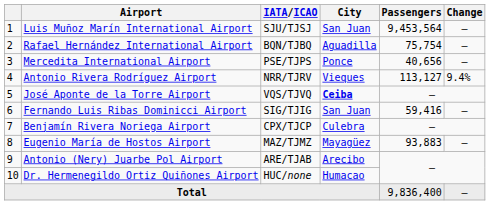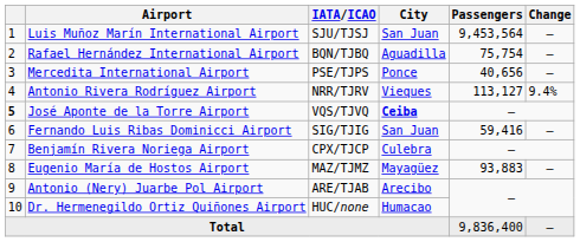 <table class="wikitable sortable">
 <tr>
 <th></th>
 <th>Airport</th>
 <th><a href='#'>IATA</a>/<a href='#'>ICAO</a></th>
 <th>City</th>
 <th>Passengers</th>
 <th>Change</th>
 </tr>
 <tr>
 <td>1</td>
 <td><a href='#'>Luis Muñoz Marín International Airport</a></td>
 <td>SJU/TJSJ</td>
 <td><a href='#'>San Juan</a></td>
 <td align="right">9,453,564</td>
 <td align="center">—</td>
 </tr>
 <tr>
 <td>2</td>
 <td><a href='#'>Rafael Hernández International Airport</a></td>
 <td>BQN/TJBQ</td>
 <td><a href='#'>Aguadilla</a></td>
 <td align="right">75,754</td>
 <td align="center">—</td>
 </tr>
 <tr>
 <td>3</td>
 <td><a href='#'>Mercedita International Airport</a></td>
 <td>PSE/TJPS</td>
 <td><a href='#'>Ponce</a></td>
 <td align="right">40,656</td>
 <td align="center">—</td>
 </tr>
 <tr>
 <td>4</td>
 <td><a href='#'>Antonio Rivera Rodríguez Airport</a></td>
 <td>NRR/TJRV</td>
 <td><a href='#'>Vieques</a></td>
 <td align="right">113,127</td>
 <td> 9.4%</td>
 </tr>
 <tr>
-<td>5</td>
+<td><strong>5</strong></td>
 <td><a href='#'>José Aponte de la Torre Airport</a></td>
 <td>VQS/TJVQ</td>
 <td><strong><a href='#'>Ceiba</a></strong></td>
 <td colspan="2" align="center">—</td>
 </tr>
 <tr>
 <td>6</td>
 <td><a href='#'>Fernando Luis Ribas Dominicci Airport</a></td>
 <td>SIG/TJIG</td>
 <td><a href='#'>San Juan</a></td>
 <td align="right">59,416</td>
 <td align="center">—</td>
 </tr>
 <tr>
 <td>7</td>
 <td><a href='#'>Benjamín Rivera Noriega Airport</a></td>
 <td>CPX/TJCP</td>
 <td><a href='#'>Culebra</a></td>
 <td colspan="2" align="center">—</td>
 </tr>
 <tr>
 <td>8</td>
 <td><a href='#'>Eugenio María de Hostos Airport</a></td>
 <td>MAZ/TJMZ</td>
 <td><a href='#'>Mayagüez</a></td>
 <td align="right">93,883</td>
 <td align="center">—</td>
 </tr>
 <tr>
 <td>9</td>
 <td><a href='#'>Antonio (Nery) Juarbe Pol Airport</a></td>
 <td>ARE/TJAB</td>
 <td><a href='#'>Arecibo</a></td>
 <td rowspan=2 colspan="2" align="center">—</td>
 </tr>
 <tr>
 <td>10</td>
 <td><a href='#'>Dr. Hermenegildo Ortiz Quiñones Airport</a></td>
 <td>HUC/<em>none</em></td>
 <td><a href='#'>Humacao</a></td>
 </tr>
 <tr style="background-color:#ececec;">
 <td colspan=4 align="center"><strong>Total</strong></td>
 <td align="right">9,836,400</td>
 <td align="center">—</td>
 </tr>
 </table>
